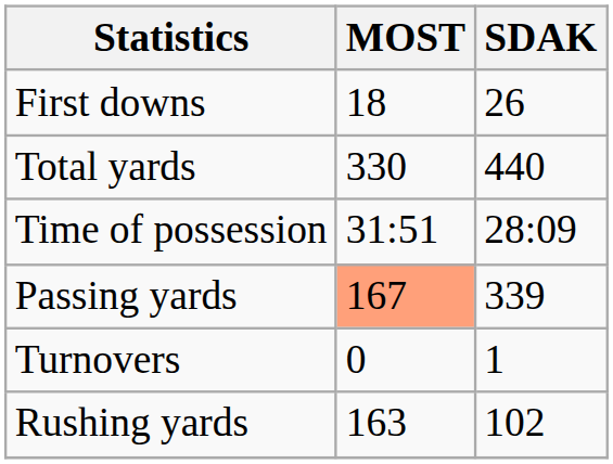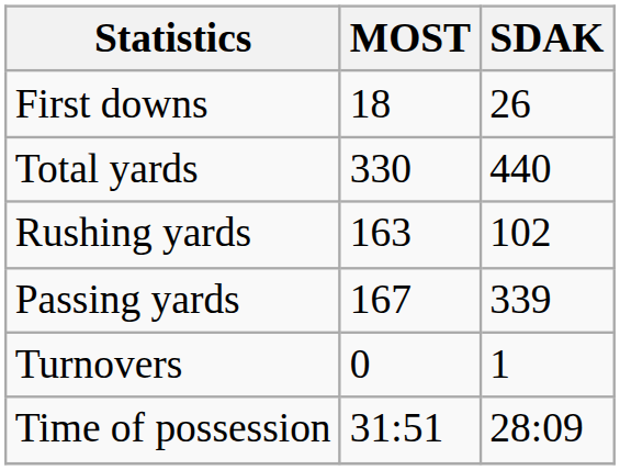 <table class="wikitable" style="float: left;">
 <tr>
 <th>Statistics</th>
 <th>MOST</th>
 <th>SDAK</th>
 </tr>
 <tr>
 <td>First downs</td>
 <td>18</td>
 <td>26</td>
 </tr>
 <tr>
 <td>Total yards</td>
 <td>330</td>
 <td>440</td>
 </tr>
 <tr>
-<td>Time of possession</td>
-<td>31:51</td>
-<td>28:09</td>
+<td>Rushing yards</td>
+<td>163</td>
+<td>102</td>
 </tr>
 <tr>
 <td>Passing yards</td>
-<td style="background: lightsalmon;">167</td>
+<td>167</td>
 <td>339</td>
 </tr>
 <tr>
 <td>Turnovers</td>
 <td>0</td>
 <td>1</td>
 </tr>
 <tr>
-<td>Rushing yards</td>
-<td>163</td>
-<td>102</td>
+<td>Time of possession</td>
+<td>31:51</td>
+<td>28:09</td>
 </tr>
 <tr>
 </tr>
 </table>
